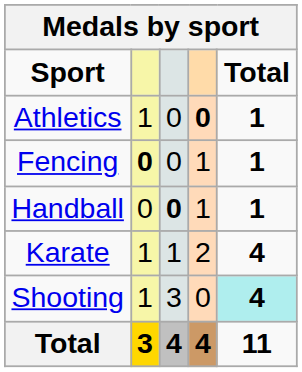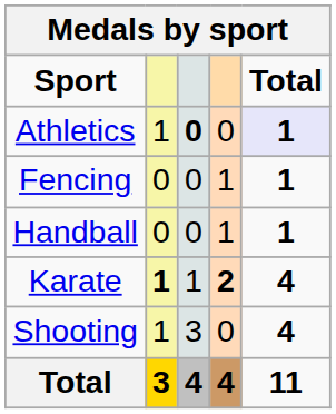 <table class=wikitable style="text-align:center">
 <tr style="background:#EFEFEF">
 <th colspan=7>Medals by sport</th>
 </tr>
 <tr>
 <td><strong>Sport</strong></td>
 <td style="background:#F7F6A8"></td>
 <td style="background:#DCE5E5"></td>
 <td style="background:#FFDBA9"></td>
 <td><strong>Total</strong></td>
 </tr>
 <tr>
 <td><a href='#'>Athletics</a></td>
 <td style="background:#F7F6A8">1</td>
-<td style="background:#DCE5E5">0</td>
-<td style="background:#FFDAB9"><strong>0</strong></td>
-<td><strong>1</strong></td>
+<td style="background:#DCE5E5"><strong>0</strong></td>
+<td style="background:#FFDAB9">0</td>
+<td style="background: lavender;"><strong>1</strong></td>
 </tr>
 <tr>
 <td><a href='#'>Fencing</a></td>
-<td style="background:#F7F6A8"><strong>0</strong></td>
+<td style="background:#F7F6A8">0</td>
 <td style="background:#DCE5E5">0</td>
 <td style="background:#FFDAB9">1</td>
 <td><strong>1</strong></td>
 </tr>
 <tr>
 <td><a href='#'>Handball</a></td>
 <td style="background:#F7F6A8">0</td>
-<td style="background:#DCE5E5"><strong>0</strong></td>
+<td style="background:#DCE5E5">0</td>
 <td style="background:#FFDAB9">1</td>
 <td><strong>1</strong></td>
 </tr>
 <tr>
 <td><a href='#'>Karate</a></td>
-<td style="background:#F7F6A8">1</td>
+<td style="background:#F7F6A8"><strong>1</strong></td>
 <td style="background:#DCE5E5">1</td>
-<td style="background:#FFDAB9">2</td>
+<td style="background:#FFDAB9"><strong>2</strong></td>
 <td><strong>4</strong></td>
 </tr>
 <tr>
 <td><a href='#'>Shooting</a></td>
 <td style="background:#F7F6A8">1</td>
 <td style="background:#DCE5E5">3</td>
 <td style="background:#FFDAB9">0</td>
-<td style="background: paleturquoise;"><strong>4</strong></td>
+<td><strong>4</strong></td>
 </tr>
 <tr>
 <th>Total</th>
 <td style="background:gold;"><strong>3</strong></td>
 <td style="background:silver;"><strong>4</strong></td>
 <td style="background:#c96;"><strong>4</strong></td>
 <td><strong>11</strong></td>
 </tr>
 </table>
